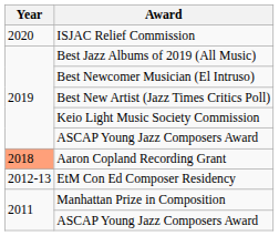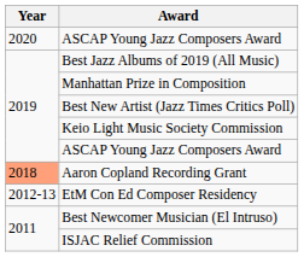 <table class="wikitable">
 <tr>
 <th>Year</th>
 <th>Award</th>
 </tr>
 <tr>
 <td>2020</td>
-<td>ISJAC Relief Commission</td>
+<td>ASCAP Young Jazz Composers Award</td>
 </tr>
 <tr>
 <td rowspan="5">2019</td>
 <td>Best Jazz Albums of 2019 (All Music)</td>
 </tr>
 <tr>
-<td>Best Newcomer Musician (El Intruso)</td>
+<td>Manhattan Prize in Composition</td>
 </tr>
 <tr>
 <td>Best New Artist (Jazz Times Critics Poll)</td>
 </tr>
 <tr>
 <td>Keio Light Music Society Commission</td>
 </tr>
 <tr>
 <td>ASCAP Young Jazz Composers Award</td>
 </tr>
 <tr>
 <td style="background: lightsalmon;">2018</td>
 <td>Aaron Copland Recording Grant</td>
 </tr>
 <tr>
 <td>2012-13</td>
 <td>EtM Con Ed Composer Residency</td>
 </tr>
 <tr>
 <td rowspan="2">2011</td>
-<td>Manhattan Prize in Composition</td>
+<td>Best Newcomer Musician (El Intruso)</td>
 </tr>
 <tr>
-<td>ASCAP Young Jazz Composers Award</td>
+<td>ISJAC Relief Commission</td>
 </tr>
 </table>
